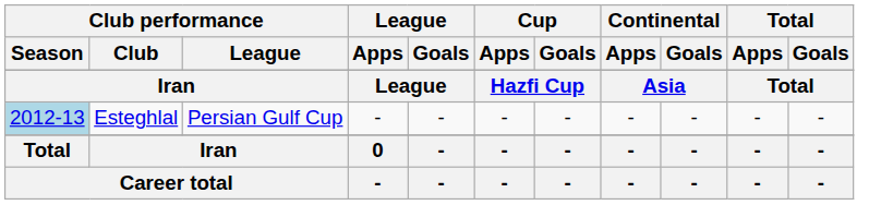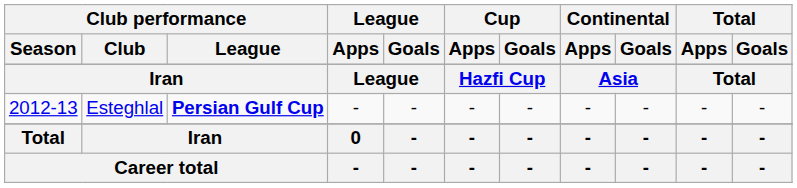 <table class="wikitable" style="text-align:center">
 <tr>
 <th colspan=3>Club performance</th>
 <th colspan=2>League</th>
 <th colspan=2>Cup</th>
 <th colspan=2>Continental</th>
 <th colspan=2>Total</th>
 </tr>
 <tr>
 <th>Season</th>
 <th>Club</th>
 <th>League</th>
 <th>Apps</th>
 <th>Goals</th>
 <th>Apps</th>
 <th>Goals</th>
 <th>Apps</th>
 <th>Goals</th>
 <th>Apps</th>
 <th>Goals</th>
 </tr>
 <tr>
 </tr>
 <tr>
 <th colspan=3>Iran</th>
 <th colspan=2>League</th>
 <th colspan=2><a href='#'>Hazfi Cup</a></th>
 <th colspan=2><a href='#'>Asia</a></th>
 <th colspan=2>Total</th>
 </tr>
 <tr>
-<td style="background: lightblue;"><a href='#'>2012-13</a></td>
+<td><a href='#'>2012-13</a></td>
 <td rowspan="1"><a href='#'>Esteghlal</a></td>
-<td rowspan="1"><a href='#'>Persian Gulf Cup</a></td>
+<td rowspan="1"><strong><a href='#'>Persian Gulf Cup</a></strong></td>
 <td>-</td>
 <td>-</td>
 <td>-</td>
 <td>-</td>
 <td>-</td>
 <td>-</td>
 <td>-</td>
 <td>-</td>
 </tr>
 <tr>
 </tr>
 <tr>
 <th rowspan=1>Total</th>
 <th colspan=2>Iran</th>
 <th>0</th>
 <th>-</th>
 <th>-</th>
 <th>-</th>
 <th>-</th>
 <th>-</th>
 <th>-</th>
 <th>-</th>
 </tr>
 <tr>
 <th colspan=3>Career total</th>
 <th>-</th>
 <th>-</th>
 <th>-</th>
 <th>-</th>
 <th>-</th>
 <th>-</th>
 <th>-</th>
 <th>-</th>
 </tr>
 </table>
